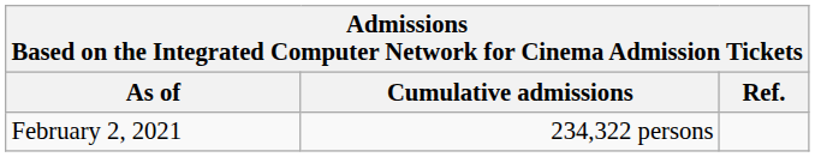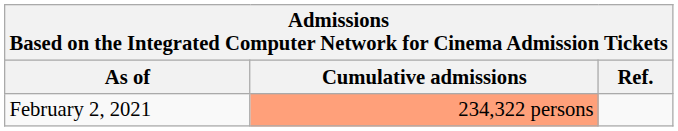 <table class="wikitable sortable">
 <tr>
 <th colspan="3">Admissions<br>Based on the Integrated Computer Network for Cinema Admission Tickets</th>
 </tr>
 <tr>
 <th>As of</th>
 <th>Cumulative admissions</th>
 <th class="unsortable">Ref.</th>
 </tr>
 <tr>
 <td>February 2, 2021</td>
-<td style="text-align:right;">234,322 persons</td>
+<td style="background: lightsalmon; text-align:right;">234,322 persons</td>
 <td></td>
 </tr>
 </table>
